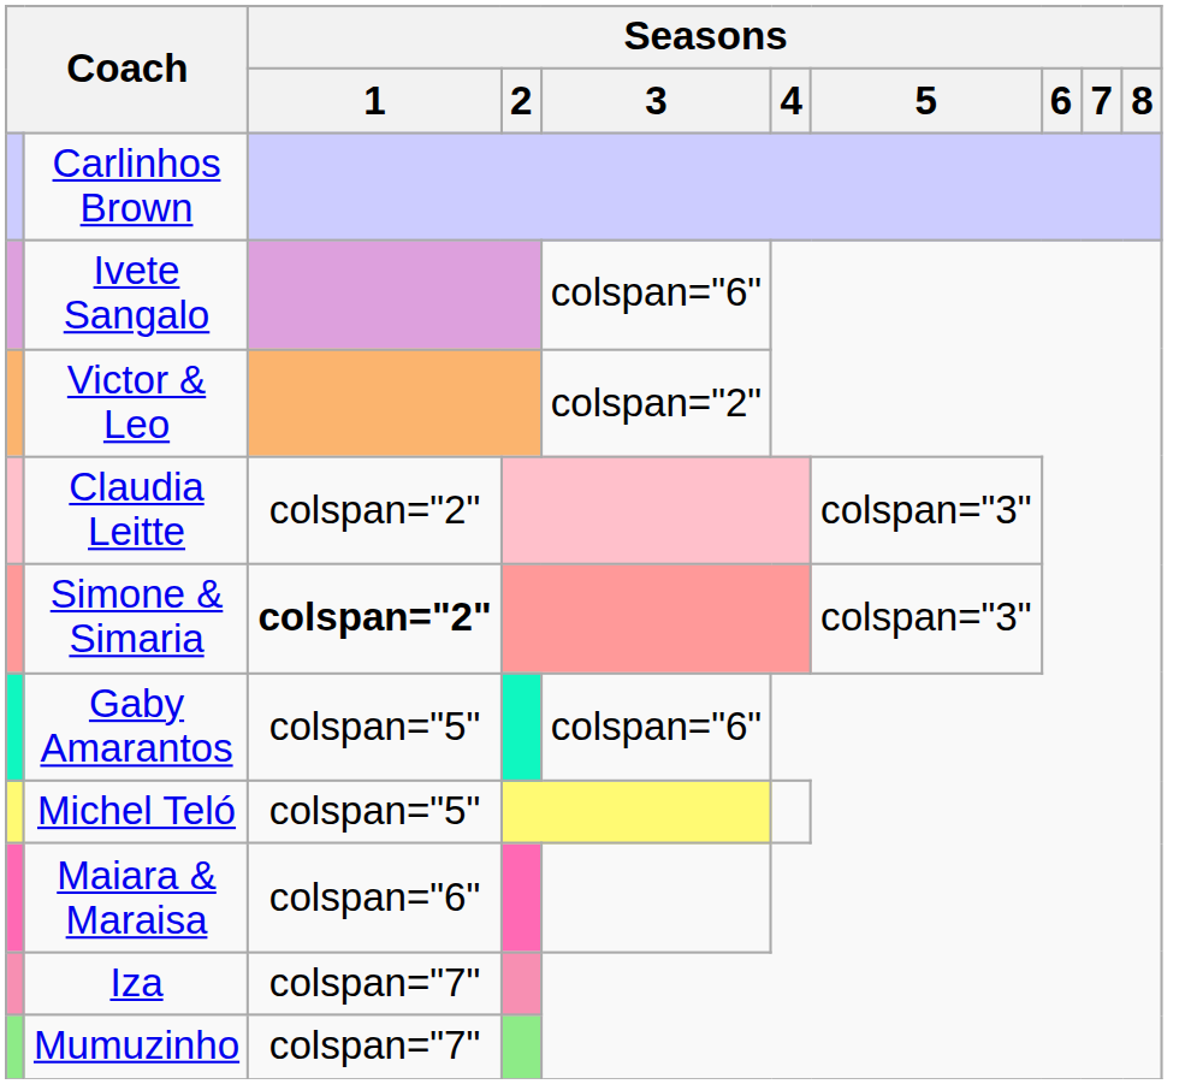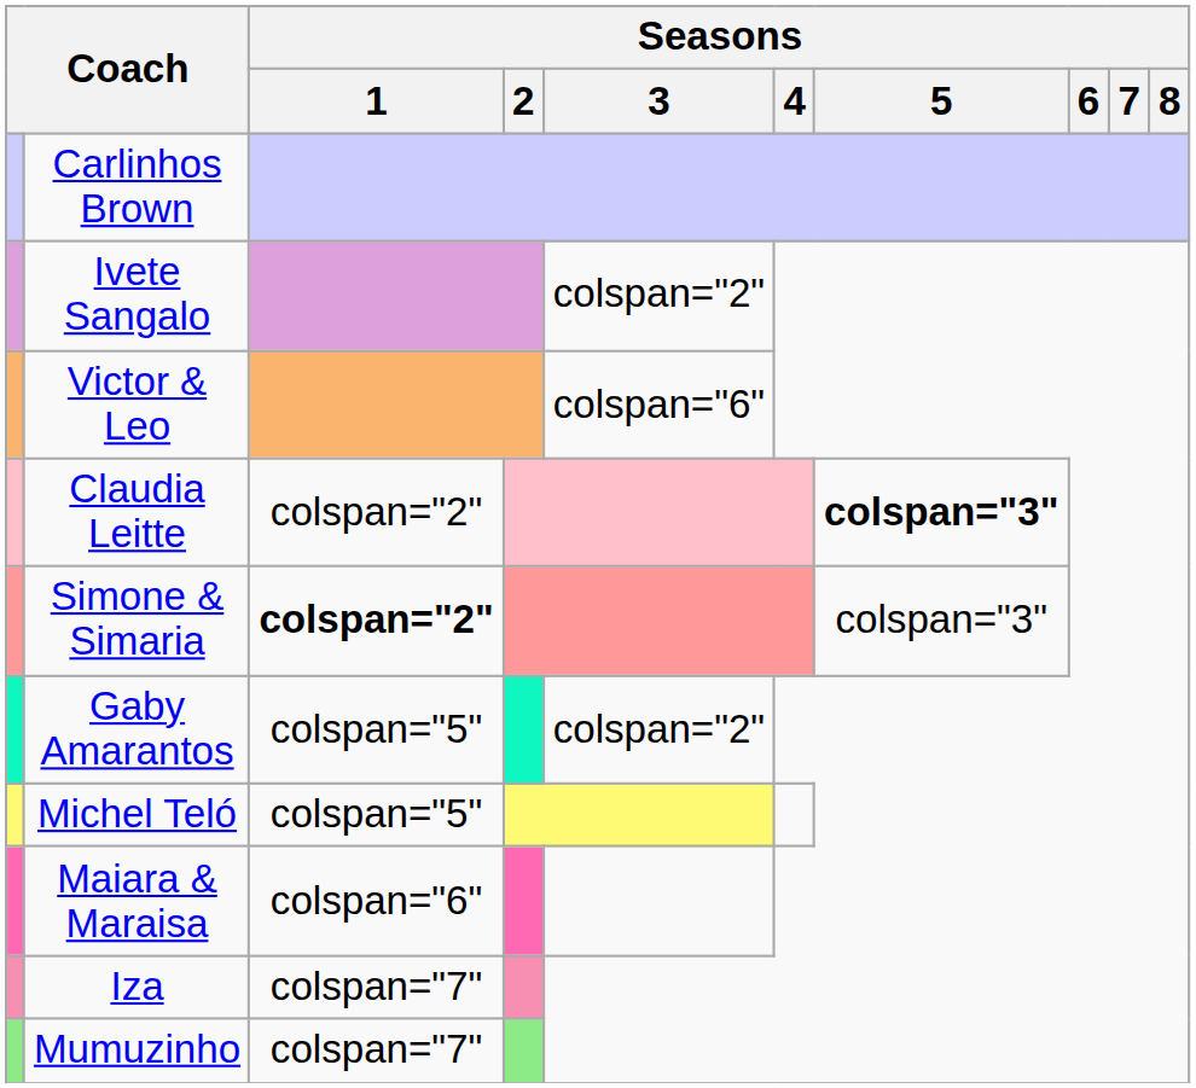 <table class="wikitable" style="text-align:center; width:50%">
 <tr>
 <th rowspan="2" colspan="2" width="21%">Coach</th>
 <th colspan="8">Seasons</th>
 </tr>
 <tr>
 <th width="8%">1</th>
 <th width="8%">2</th>
 <th width="8%">3</th>
 <th width="8%">4</th>
 <th width="8%">5</th>
 <th width="8%">6</th>
 <th width="8%">7</th>
 <th width="8%">8</th>
 </tr>
 <tr>
 <td bgcolor="#ccf"></td>
 <td><a href='#'>Carlinhos Brown</a></td>
 <td colspan="8" bgcolor="#ccf"></td>
 </tr>
 <tr>
 <td bgcolor="#dda0dd"></td>
 <td><a href='#'>Ivete Sangalo</a></td>
 <td colspan="2" bgcolor="#dda0dd"></td>
-<td>colspan="6" </td>
+<td>colspan="2" </td>
 </tr>
 <tr>
 <td bgcolor="#fbb46e"></td>
 <td><a href='#'>Victor & Leo</a></td>
 <td colspan="2" bgcolor="#fbb46e"></td>
-<td>colspan="2" </td>
+<td>colspan="6" </td>
 </tr>
 <tr>
 <td bgcolor="pink"></td>
 <td><a href='#'>Claudia Leitte</a></td>
 <td>colspan="2" </td>
 <td colspan="3" bgcolor="pink"></td>
-<td>colspan="3" </td>
+<td><strong>colspan="3" </strong></td>
 </tr>
 <tr>
 <td bgcolor="#ff9999"></td>
 <td><a href='#'>Simone & Simaria</a></td>
 <td><strong>colspan="2" </strong></td>
 <td colspan="3" bgcolor="#ff9999"></td>
 <td>colspan="3" </td>
 </tr>
 <tr>
 <td bgcolor="#0ff7c0"></td>
 <td><a href='#'>Gaby Amarantos</a></td>
 <td>colspan="5" </td>
 <td colspan="1" bgcolor="#0ff7c0"></td>
-<td>colspan="6" </td>
+<td>colspan="2" </td>
 </tr>
 <tr>
 <td bgcolor="#fffa73"></td>
 <td><a href='#'>Michel Teló</a></td>
 <td>colspan="5" </td>
 <td colspan="2" bgcolor="#fffa73"></td>
 <td></td>
 </tr>
 <tr>
 <td bgcolor="#ff69b4"></td>
 <td><a href='#'>Maiara & Maraisa</a></td>
 <td>colspan="6" </td>
 <td colspan="1" bgcolor="#ff69b4"></td>
 <td></td>
 </tr>
 <tr>
 <td bgcolor="#f78fb2"></td>
 <td><a href='#'>Iza</a></td>
 <td>colspan="7" </td>
 <td colspan="1" bgcolor="#f78fb2"></td>
 </tr>
 <tr>
 <td bgcolor="#8deb87"></td>
 <td><a href='#'>Mumuzinho</a></td>
 <td>colspan="7" </td>
 <td colspan="1" bgcolor="#8deb87"></td>
 </tr>
 </table>
